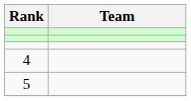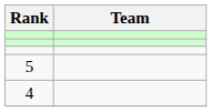 <table class="wikitable" style="text-align:center">
 <tr>
 <th width=40>Rank</th>
 <th width=140>Team</th>
 </tr>
 <tr bgcolor=#ccffcc>
 <td></td>
 <td style="text-align:left"></td>
 </tr>
 <tr bgcolor=#ccffcc>
 <td></td>
 <td style="text-align:left"></td>
 </tr>
 <tr>
 <td></td>
 <td style="text-align:left"></td>
 </tr>
 <tr>
-<td>4</td>
+<td>5</td>
 <td style="text-align:left"></td>
 </tr>
 <tr>
-<td>5</td>
+<td>4</td>
 <td style="text-align:left"></td>
 </tr>
 <tr>
 </tr>
 </table>
